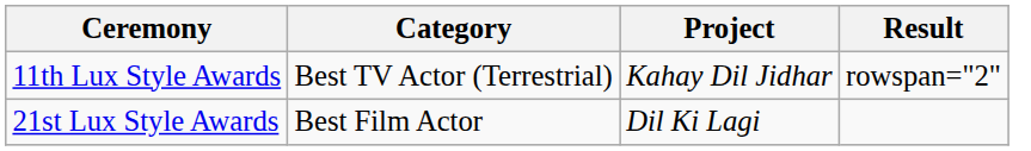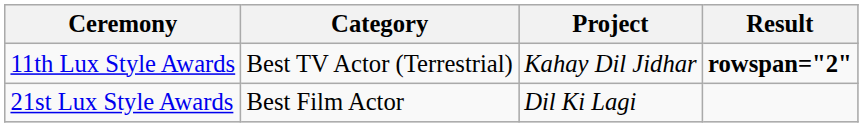 <table class="wikitable style">
 <tr>
 <th>Ceremony</th>
 <th>Category</th>
 <th>Project</th>
 <th>Result</th>
 </tr>
 <tr>
 <td><a href='#'>11th Lux Style Awards</a></td>
 <td>Best TV Actor (Terrestrial)</td>
 <td><em>Kahay Dil Jidhar</em></td>
-<td>rowspan="2" </td>
+<td><strong>rowspan="2" </strong></td>
 </tr>
 <tr>
 <td><a href='#'>21st Lux Style Awards</a></td>
 <td>Best Film Actor</td>
 <td><em>Dil Ki Lagi</em></td>
 </tr>
 </table>
